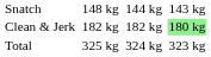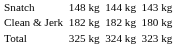 <table>
 <tr>
 <td>Snatch</td>
 <td></td>
 <td>148 kg</td>
 <td></td>
 <td>144 kg</td>
 <td></td>
 <td>143 kg</td>
 </tr>
 <tr>
 <td>Clean & Jerk</td>
 <td></td>
 <td>182 kg</td>
 <td></td>
 <td>182 kg</td>
 <td></td>
-<td style="background: lightgreen;">180 kg</td>
+<td>180 kg</td>
 </tr>
 <tr>
 <td>Total</td>
 <td></td>
 <td>325 kg</td>
 <td></td>
 <td>324 kg</td>
 <td></td>
 <td>323 kg</td>
 </tr>
 </table>
